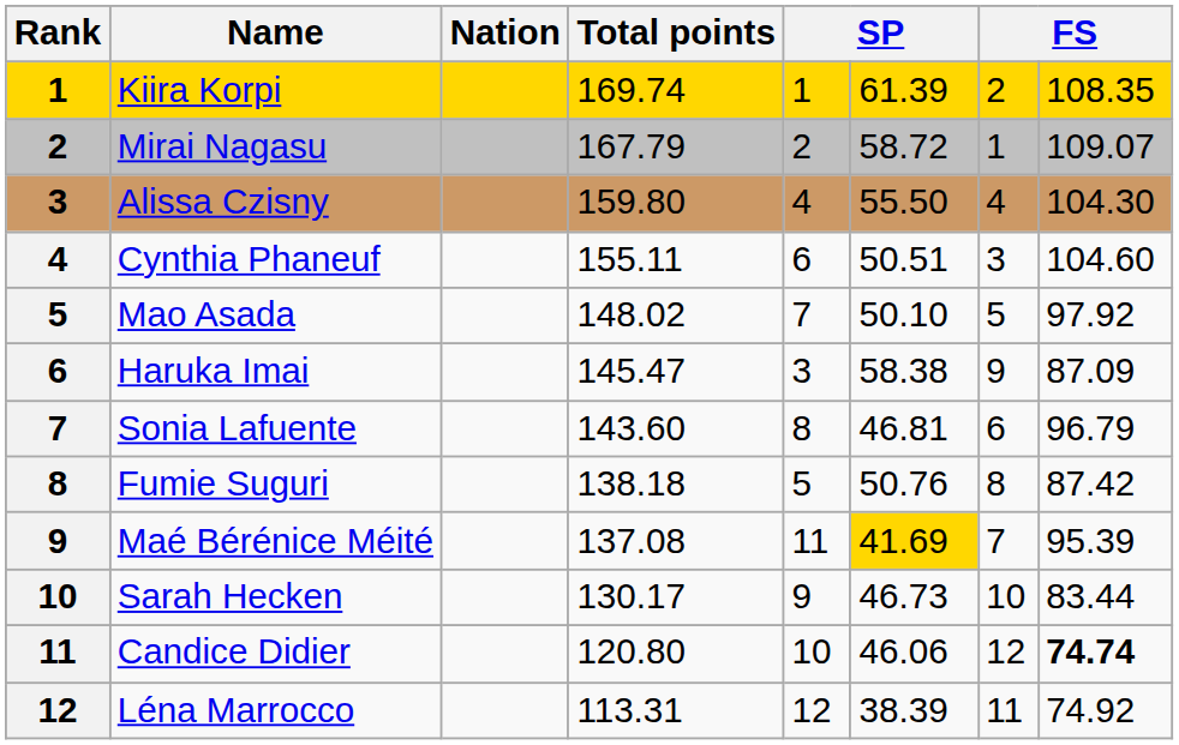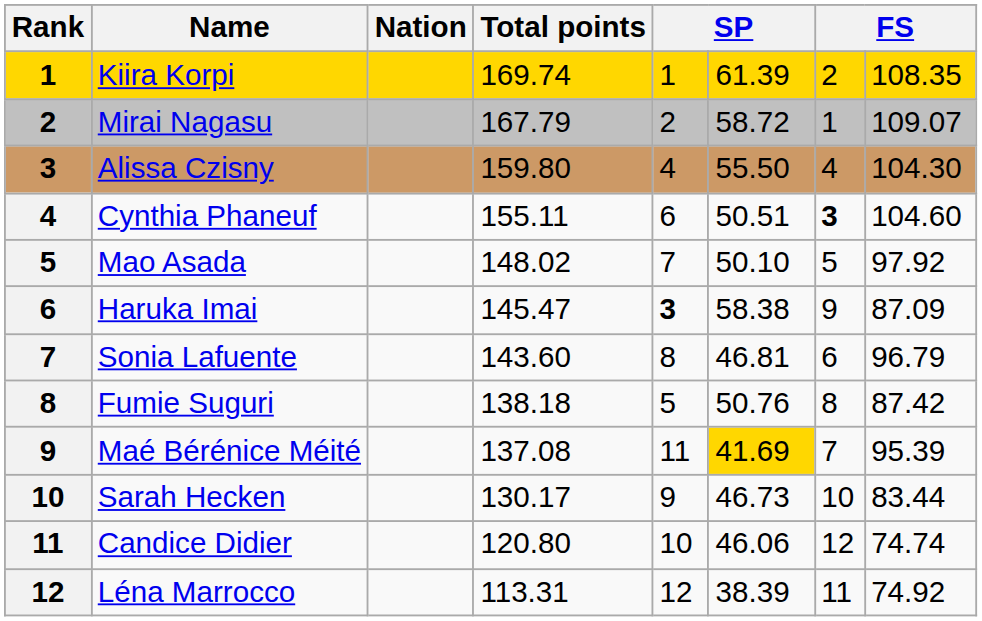 <table class="wikitable sortable">
 <tr>
 <th>Rank</th>
 <th>Name</th>
 <th>Nation</th>
 <th>Total points</th>
 <th colspan="2" width="80px"><a href='#'>SP</a></th>
 <th colspan="2" width="80px"><a href='#'>FS</a></th>
 </tr>
 <tr bgcolor="gold">
 <td align="center"><strong>1</strong></td>
 <td><a href='#'>Kiira Korpi</a></td>
 <td></td>
 <td>169.74</td>
 <td>1</td>
 <td>61.39</td>
 <td>2</td>
 <td>108.35</td>
 </tr>
 <tr bgcolor="silver">
 <td align="center"><strong>2</strong></td>
 <td><a href='#'>Mirai Nagasu</a></td>
 <td></td>
 <td>167.79</td>
 <td>2</td>
 <td>58.72</td>
 <td>1</td>
 <td>109.07</td>
 </tr>
 <tr bgcolor="cc9966">
 <td align="center"><strong>3</strong></td>
 <td><a href='#'>Alissa Czisny</a></td>
 <td></td>
 <td>159.80</td>
 <td>4</td>
 <td>55.50</td>
 <td>4</td>
 <td>104.30</td>
 </tr>
 <tr>
 <th>4</th>
 <td><a href='#'>Cynthia Phaneuf</a></td>
 <td></td>
 <td>155.11</td>
 <td>6</td>
 <td>50.51</td>
-<td>3</td>
+<td><strong>3</strong></td>
 <td>104.60</td>
 </tr>
 <tr>
 <th>5</th>
 <td><a href='#'>Mao Asada</a></td>
 <td></td>
 <td>148.02</td>
 <td>7</td>
 <td>50.10</td>
 <td>5</td>
 <td>97.92</td>
 </tr>
 <tr>
 <th>6</th>
 <td><a href='#'>Haruka Imai</a></td>
 <td></td>
 <td>145.47</td>
-<td>3</td>
+<td><strong>3</strong></td>
 <td>58.38</td>
 <td>9</td>
 <td>87.09</td>
 </tr>
 <tr>
 <th>7</th>
 <td><a href='#'>Sonia Lafuente</a></td>
 <td></td>
 <td>143.60</td>
 <td>8</td>
 <td>46.81</td>
 <td>6</td>
 <td>96.79</td>
 </tr>
 <tr>
 <th>8</th>
 <td><a href='#'>Fumie Suguri</a></td>
 <td></td>
 <td>138.18</td>
 <td>5</td>
 <td>50.76</td>
 <td>8</td>
 <td>87.42</td>
 </tr>
 <tr>
 <th>9</th>
 <td><a href='#'>Maé Bérénice Méité</a></td>
 <td></td>
 <td>137.08</td>
 <td>11</td>
 <td style="background: gold;">41.69</td>
 <td>7</td>
 <td>95.39</td>
 </tr>
 <tr>
 <th>10</th>
 <td><a href='#'>Sarah Hecken</a></td>
 <td></td>
 <td>130.17</td>
 <td>9</td>
 <td>46.73</td>
 <td>10</td>
 <td>83.44</td>
 </tr>
 <tr>
 <th>11</th>
 <td><a href='#'>Candice Didier</a></td>
 <td></td>
 <td>120.80</td>
 <td>10</td>
 <td>46.06</td>
 <td>12</td>
-<td><strong>74.74</strong></td>
+<td>74.74</td>
 </tr>
 <tr>
 <th>12</th>
 <td><a href='#'>Léna Marrocco</a></td>
 <td></td>
 <td>113.31</td>
 <td>12</td>
 <td>38.39</td>
 <td>11</td>
 <td>74.92</td>
 </tr>
 </table>
